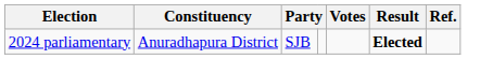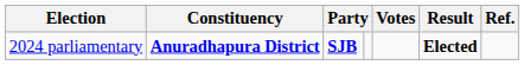 <table class="wikitable" style="text-align:left;">
 <tr>
 <th scope=col>Election</th>
 <th scope=col>Constituency</th>
 <th scope=col colspan="2">Party</th>
 <th scope=col>Votes</th>
 <th scope=col>Result</th>
 <th scope=col>Ref.</th>
 </tr>
 <tr>
 <td><a href='#'>2024 parliamentary</a></td>
-<td><a href='#'>Anuradhapura District</a></td>
-<td><a href='#'>SJB</a></td>
+<td><strong><a href='#'>Anuradhapura District</a></strong></td>
+<td><strong><a href='#'>SJB</a></strong></td>
 <td rowspan="8" style="background:"></td>
 <td align=right></td>
 <td><strong>Elected</strong></td>
 <td></td>
 </tr>
 </table>
